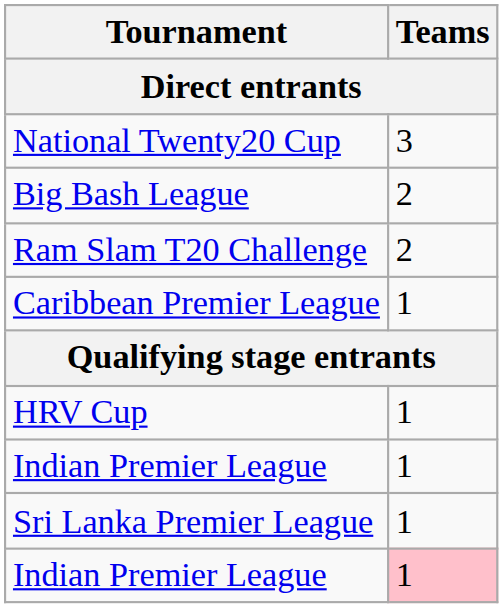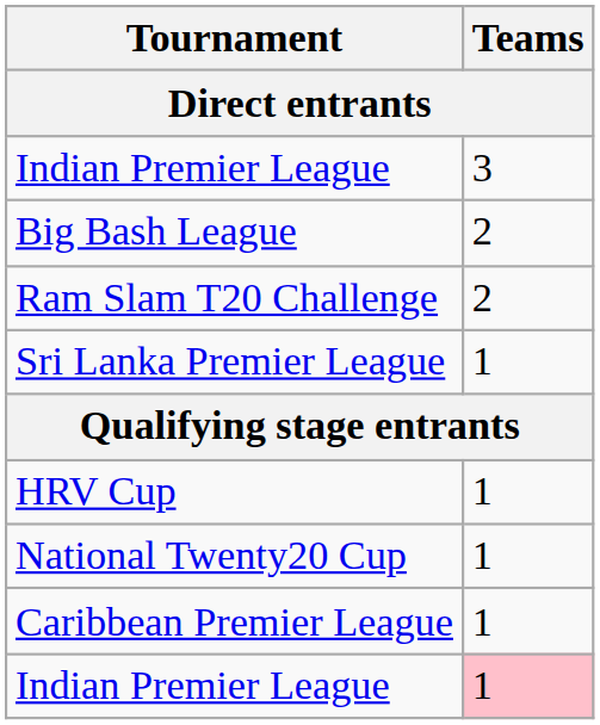 <table class="wikitable">
 <tr>
 <th>Tournament</th>
 <th>Teams</th>
 </tr>
 <tr>
 <th colspan=2>Direct entrants</th>
 </tr>
 <tr>
-<td><a href='#'>National Twenty20 Cup</a></td>
+<td><a href='#'>Indian Premier League</a></td>
 <td>3</td>
 </tr>
 <tr>
 <td><a href='#'>Big Bash League</a></td>
 <td>2</td>
 </tr>
 <tr>
 <td><a href='#'>Ram Slam T20 Challenge</a></td>
 <td>2</td>
 </tr>
 <tr>
-<td><a href='#'>Caribbean Premier League</a></td>
+<td><a href='#'>Sri Lanka Premier League</a></td>
 <td>1</td>
 </tr>
 <tr>
 <th colspan=2>Qualifying stage entrants</th>
 </tr>
 <tr>
 <td><a href='#'>HRV Cup</a></td>
 <td>1</td>
 </tr>
 <tr>
-<td><a href='#'>Indian Premier League</a></td>
+<td><a href='#'>National Twenty20 Cup</a></td>
 <td>1</td>
 </tr>
 <tr>
-<td><a href='#'>Sri Lanka Premier League</a></td>
+<td><a href='#'>Caribbean Premier League</a></td>
 <td>1</td>
 </tr>
 <tr>
 <td><a href='#'>Indian Premier League</a></td>
 <td style="background: pink;">1</td>
 </tr>
 </table>
